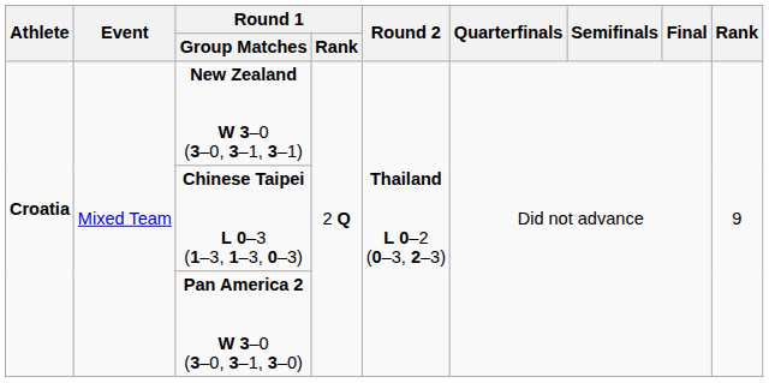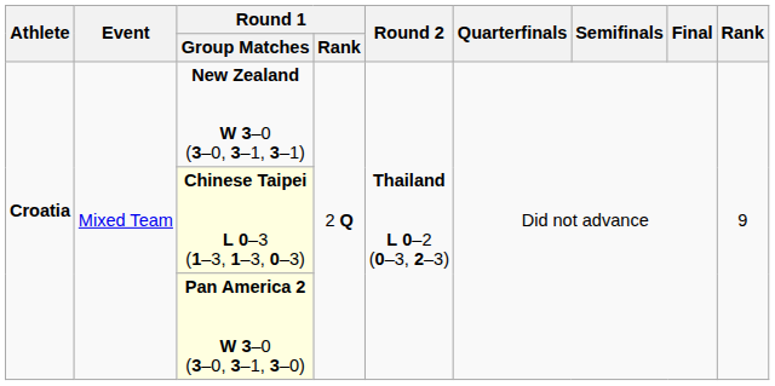 <table class="wikitable" border="1" style="font-size:90%">
 <tr>
 <th rowspan=2>Athlete</th>
 <th rowspan=2>Event</th>
 <th colspan=2>Round 1</th>
 <th rowspan=2>Round 2</th>
 <th rowspan=2>Quarterfinals</th>
 <th rowspan=2>Semifinals</th>
 <th rowspan=2>Final</th>
 <th rowspan=2>Rank</th>
 </tr>
 <tr>
 <th>Group Matches</th>
 <th>Rank</th>
 </tr>
 <tr>
 <td rowspan=3><strong>Croatia</strong><br><br></td>
 <td rowspan=3><a href='#'>Mixed Team</a></td>
 <td align=center><strong>New Zealand</strong><br><br><br> <strong>W</strong> <strong>3</strong>–0 <br> (<strong>3</strong>–0, <strong>3</strong>–1, <strong>3</strong>–1)</td>
 <td rowspan=3 align=center>2 <strong>Q</strong></td>
 <td align=center rowspan=3><strong>Thailand</strong><br><br><br> <strong>L</strong> <strong>0</strong>–2 <br> (<strong>0</strong>–3, <strong>2</strong>–3)</td>
 <td rowspan=3 colspan=3 align=center>Did not advance</td>
 <td rowspan=3 align=center>9</td>
 </tr>
 <tr>
-<td align=center><strong>Chinese Taipei</strong><br><br><br> <strong>L</strong> <strong>0</strong>–3 <br> (<strong>1</strong>–3, <strong>1</strong>–3, <strong>0</strong>–3)</td>
+<td align=center style="background: lightyellow;"><strong>Chinese Taipei</strong><br><br><br> <strong>L</strong> <strong>0</strong>–3 <br> (<strong>1</strong>–3, <strong>1</strong>–3, <strong>0</strong>–3)</td>
 </tr>
 <tr>
-<td align=center><strong>Pan America 2</strong><br><br><br> <strong>W</strong> <strong>3</strong>–0 <br> (<strong>3</strong>–0, <strong>3</strong>–1, <strong>3</strong>–0)</td>
+<td align=center style="background: lightyellow;"><strong>Pan America 2</strong><br><br><br> <strong>W</strong> <strong>3</strong>–0 <br> (<strong>3</strong>–0, <strong>3</strong>–1, <strong>3</strong>–0)</td>
 </tr>
 </table>
